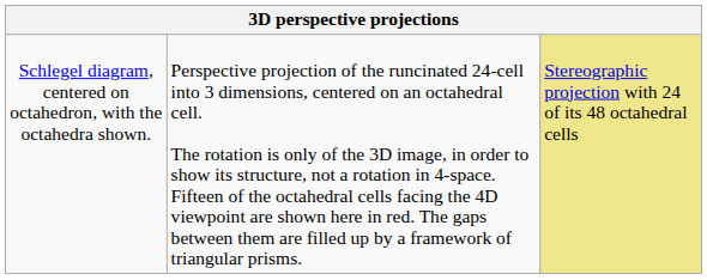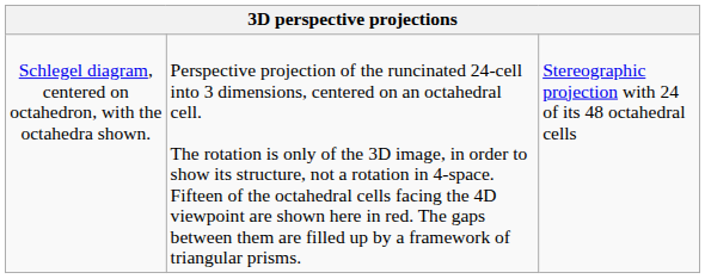 <table class="wikitable" width=600>
 <tr>
 <th colspan=3>3D perspective projections</th>
 </tr>
 <tr valign=top>
 <td align=center><br><a href='#'>Schlegel diagram</a>, centered on octahedron, with the octahedra shown.</td>
 <td><br>Perspective projection of the runcinated 24-cell into 3 dimensions, centered on an octahedral cell.<br><br>The rotation is only of the 3D image, in order to show its structure, not a rotation in 4-space. Fifteen of the octahedral cells facing the 4D viewpoint are shown here in red. The gaps between them are filled up by a framework of triangular prisms.</td>
-<td style="background: khaki;"><br><a href='#'>Stereographic projection</a> with 24 of its 48 octahedral cells</td>
+<td><br><a href='#'>Stereographic projection</a> with 24 of its 48 octahedral cells</td>
 </tr>
 </table>
